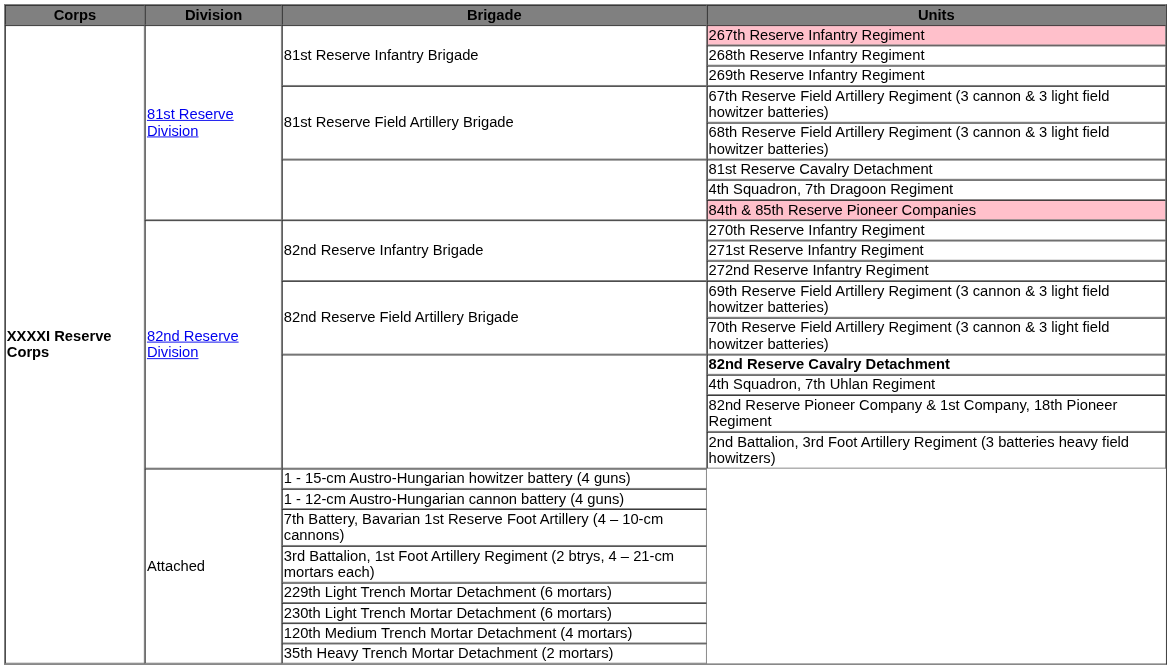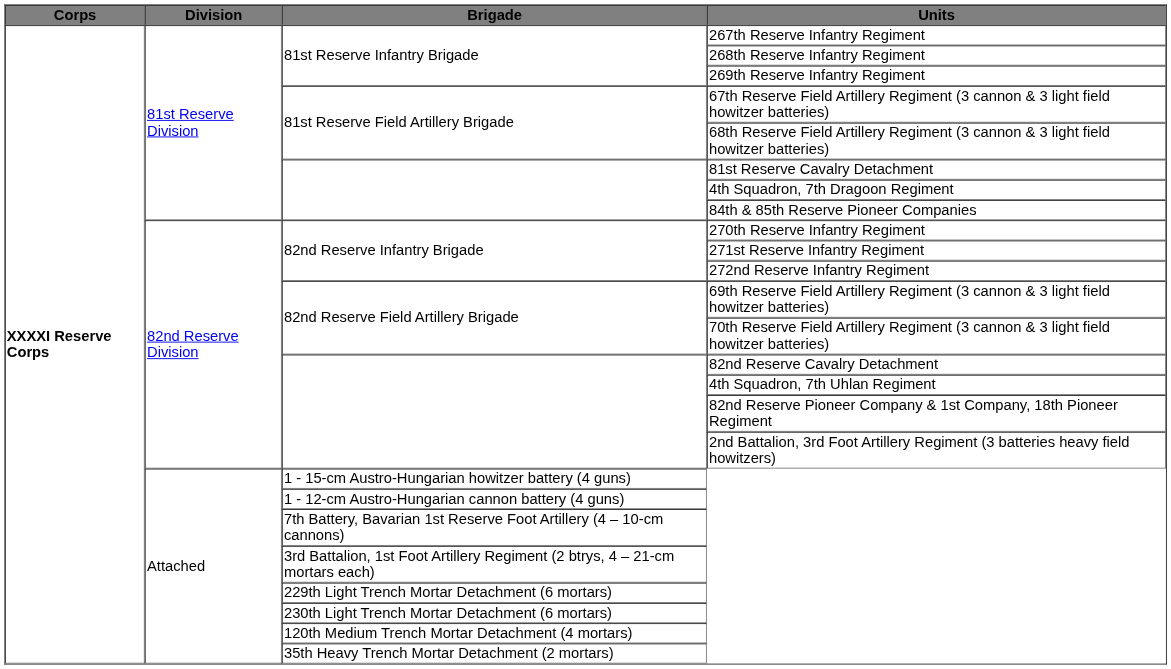 <table style="float: right;" border="1" cellpadding="1" cellspacing="0" style="font-size: 100%; border: gray solid 1px; border-collapse: collapse; text-align: center;">
 <tr style="background-color:grey; color:black;">
 <th>Corps</th>
 <th>Division</th>
 <th>Brigade</th>
 <th>Units</th>
 </tr>
 <tr>
 <td ROWSPAN=25><strong>XXXXI Reserve Corps</strong></td>
 <td ROWSPAN=8><a href='#'>81st Reserve Division</a></td>
 <td ROWSPAN=3>81st Reserve Infantry Brigade</td>
-<td style="background: pink;">267th Reserve Infantry Regiment</td>
+<td>267th Reserve Infantry Regiment</td>
 </tr>
 <tr>
 <td>268th Reserve Infantry Regiment</td>
 </tr>
 <tr>
 <td>269th Reserve Infantry Regiment</td>
 </tr>
 <tr>
 <td ROWSPAN=2>81st Reserve Field Artillery Brigade</td>
 <td>67th Reserve Field Artillery Regiment (3 cannon & 3 light field howitzer batteries)</td>
 </tr>
 <tr>
 <td>68th Reserve Field Artillery Regiment (3 cannon & 3 light field howitzer batteries)</td>
 </tr>
 <tr>
 <td ROWSPAN=3></td>
 <td>81st Reserve Cavalry Detachment</td>
 </tr>
 <tr>
 <td>4th Squadron, 7th Dragoon Regiment</td>
 </tr>
 <tr>
-<td style="background: pink;">84th & 85th Reserve Pioneer Companies</td>
+<td>84th & 85th Reserve Pioneer Companies</td>
 </tr>
 <tr>
 <td ROWSPAN=9><a href='#'>82nd Reserve Division</a></td>
 <td ROWSPAN=3>82nd Reserve Infantry Brigade</td>
 <td>270th Reserve Infantry Regiment</td>
 </tr>
 <tr>
 <td>271st Reserve Infantry Regiment</td>
 </tr>
 <tr>
 <td>272nd Reserve Infantry Regiment</td>
 </tr>
 <tr>
 <td ROWSPAN=2>82nd Reserve Field Artillery Brigade</td>
 <td>69th Reserve Field Artillery Regiment (3 cannon & 3 light field howitzer batteries)</td>
 </tr>
 <tr>
 <td>70th Reserve Field Artillery Regiment (3 cannon & 3 light field howitzer batteries)</td>
 </tr>
 <tr>
 <td ROWSPAN=4></td>
-<td><strong>82nd Reserve Cavalry Detachment</strong></td>
+<td>82nd Reserve Cavalry Detachment</td>
 </tr>
 <tr>
 <td>4th Squadron, 7th Uhlan Regiment</td>
 </tr>
 <tr>
 <td>82nd Reserve Pioneer Company & 1st Company, 18th Pioneer Regiment</td>
 </tr>
 <tr>
 <td>2nd Battalion, 3rd Foot Artillery Regiment (3 batteries heavy field howitzers)</td>
 </tr>
 <tr>
 <td ROWSPAN=9>Attached</td>
 <td>1 - 15-cm Austro-Hungarian howitzer battery (4 guns)</td>
 </tr>
 <tr>
 <td>1 - 12-cm Austro-Hungarian cannon battery (4 guns)</td>
 </tr>
 <tr>
 <td>7th Battery, Bavarian 1st Reserve Foot Artillery (4 – 10-cm cannons)</td>
 </tr>
 <tr>
 <td>3rd Battalion, 1st Foot Artillery Regiment (2 btrys, 4 – 21-cm mortars each)</td>
 </tr>
 <tr>
 <td>229th Light Trench Mortar Detachment (6 mortars)</td>
 </tr>
 <tr>
 <td>230th Light Trench Mortar Detachment (6 mortars)</td>
 </tr>
 <tr>
 <td>120th Medium Trench Mortar Detachment (4 mortars)</td>
 </tr>
 <tr>
 <td>35th Heavy Trench Mortar Detachment (2 mortars)</td>
 </tr>
 <tr>
 </tr>
 </table>
